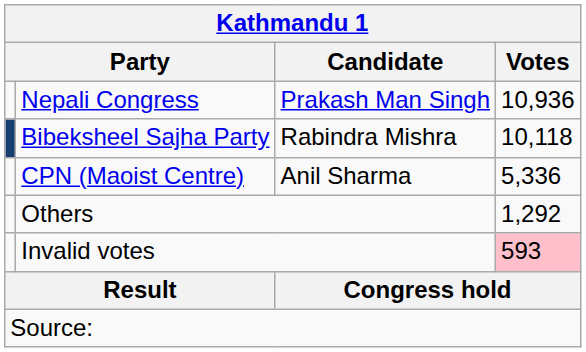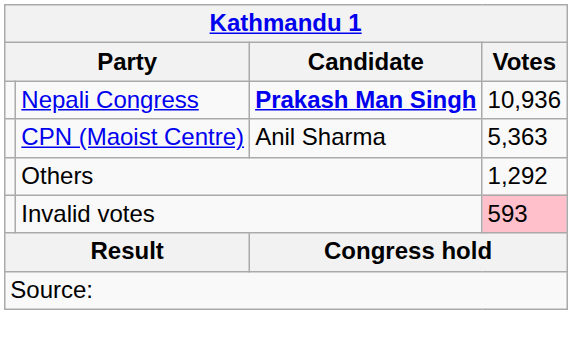 <table class="wikitable">
 <tr>
 <th colspan="4"><a href='#'>Kathmandu 1</a></th>
 </tr>
 <tr>
 <th colspan="2">Party</th>
 <th>Candidate</th>
 <th>Votes</th>
 </tr>
 <tr>
 <td style="background-color:"></td>
 <td><a href='#'>Nepali Congress</a></td>
-<td><a href='#'>Prakash Man Singh</a></td>
+<td><strong><a href='#'>Prakash Man Singh</a></strong></td>
 <td>10,936</td>
-</tr>
-<tr>
-<td style="background-color:#183F73"></td>
-<td><a href='#'>Bibeksheel Sajha Party</a></td>
-<td>Rabindra Mishra</td>
-<td>10,118</td>
 </tr>
 <tr>
 <td style="background-color:"></td>
 <td><a href='#'>CPN (Maoist Centre)</a></td>
 <td>Anil Sharma</td>
-<td>5,336</td>
+<td>5,363</td>
 </tr>
 <tr>
 <td></td>
 <td colspan="2">Others</td>
 <td>1,292</td>
 </tr>
 <tr>
 <td></td>
 <td colspan="2">Invalid votes</td>
 <td style="background: pink;">593</td>
 </tr>
 <tr>
 <th colspan="2">Result</th>
 <th colspan="2">Congress hold</th>
 </tr>
 <tr>
 <td colspan="4">Source: </td>
 </tr>
 </table>
